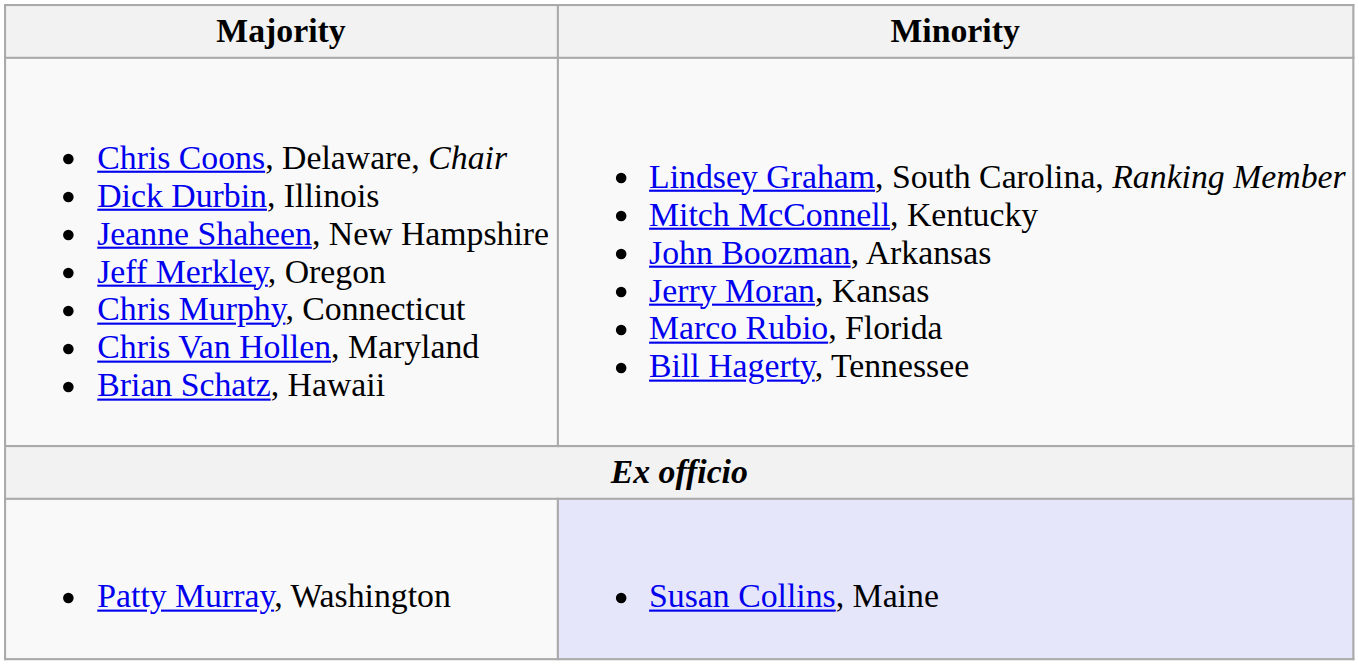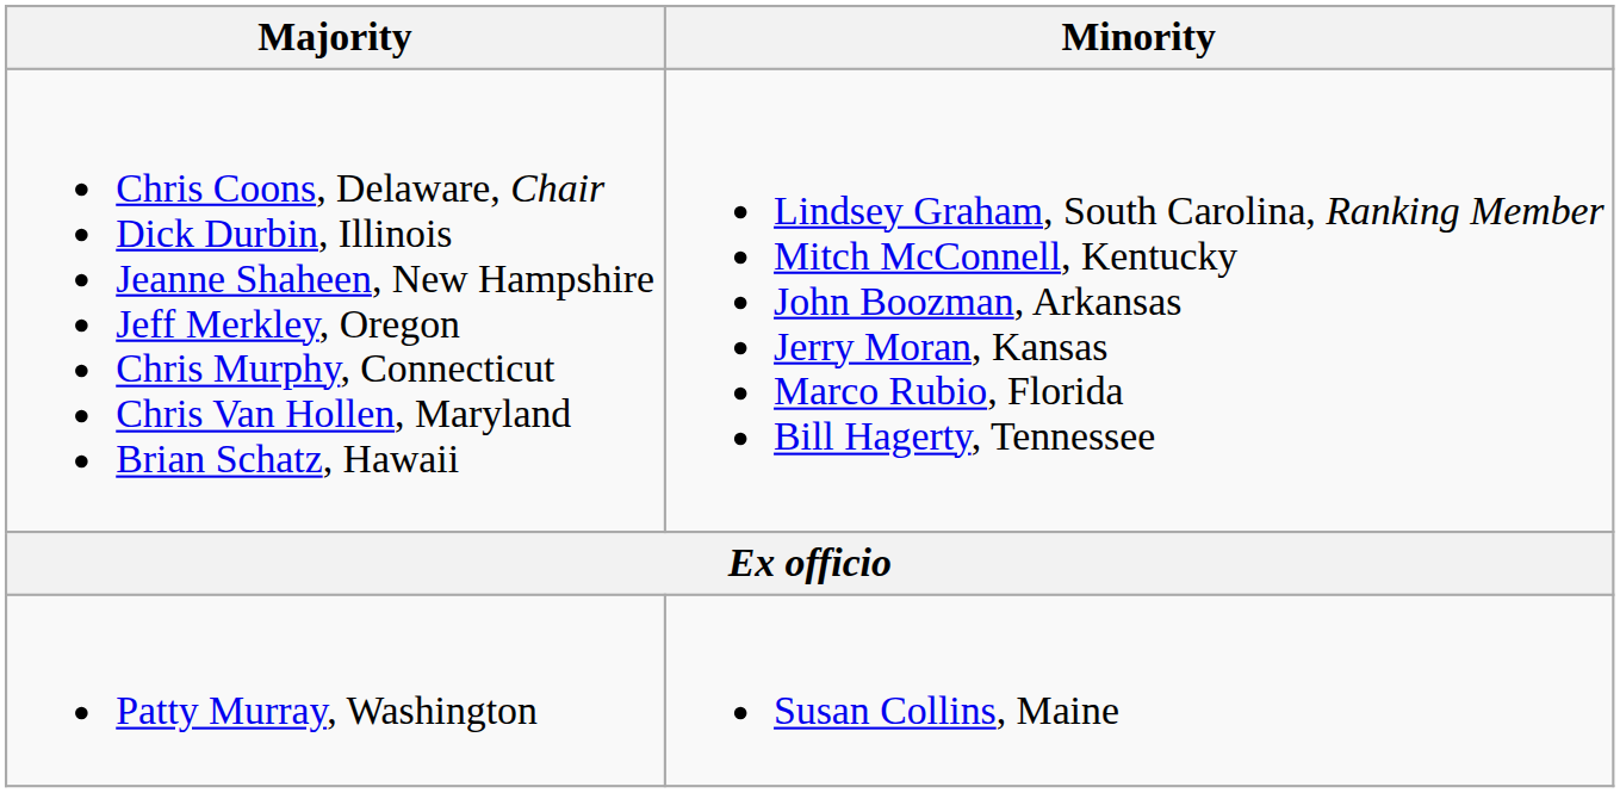 <table class=wikitable>
 <tr>
 <th>Majority</th>
 <th>Minority</th>
 </tr>
 <tr>
 <td><br><ul><li><a href='#'>Chris Coons</a>, Delaware, <em>Chair</em></li><li><a href='#'>Dick Durbin</a>, Illinois</li><li><a href='#'>Jeanne Shaheen</a>, New Hampshire</li><li><a href='#'>Jeff Merkley</a>, Oregon</li><li><a href='#'>Chris Murphy</a>, Connecticut</li><li><a href='#'>Chris Van Hollen</a>, Maryland</li><li><a href='#'>Brian Schatz</a>, Hawaii</li></ul></td>
 <td><br><ul><li><a href='#'>Lindsey Graham</a>, South Carolina, <em>Ranking Member</em></li><li><a href='#'>Mitch McConnell</a>, Kentucky</li><li><a href='#'>John Boozman</a>, Arkansas</li><li><a href='#'>Jerry Moran</a>, Kansas</li><li><a href='#'>Marco Rubio</a>, Florida</li><li><a href='#'>Bill Hagerty</a>, Tennessee</li></ul></td>
 </tr>
 <tr>
 <th colspan=2 align=center><em>Ex officio</em></th>
 </tr>
 <tr>
 <td><br><ul><li><a href='#'>Patty Murray</a>, Washington</li></ul></td>
-<td style="background: lavender;"><br><ul><li><a href='#'>Susan Collins</a>, Maine</li></ul></td>
+<td><br><ul><li><a href='#'>Susan Collins</a>, Maine</li></ul></td>
 </tr>
 </table>
